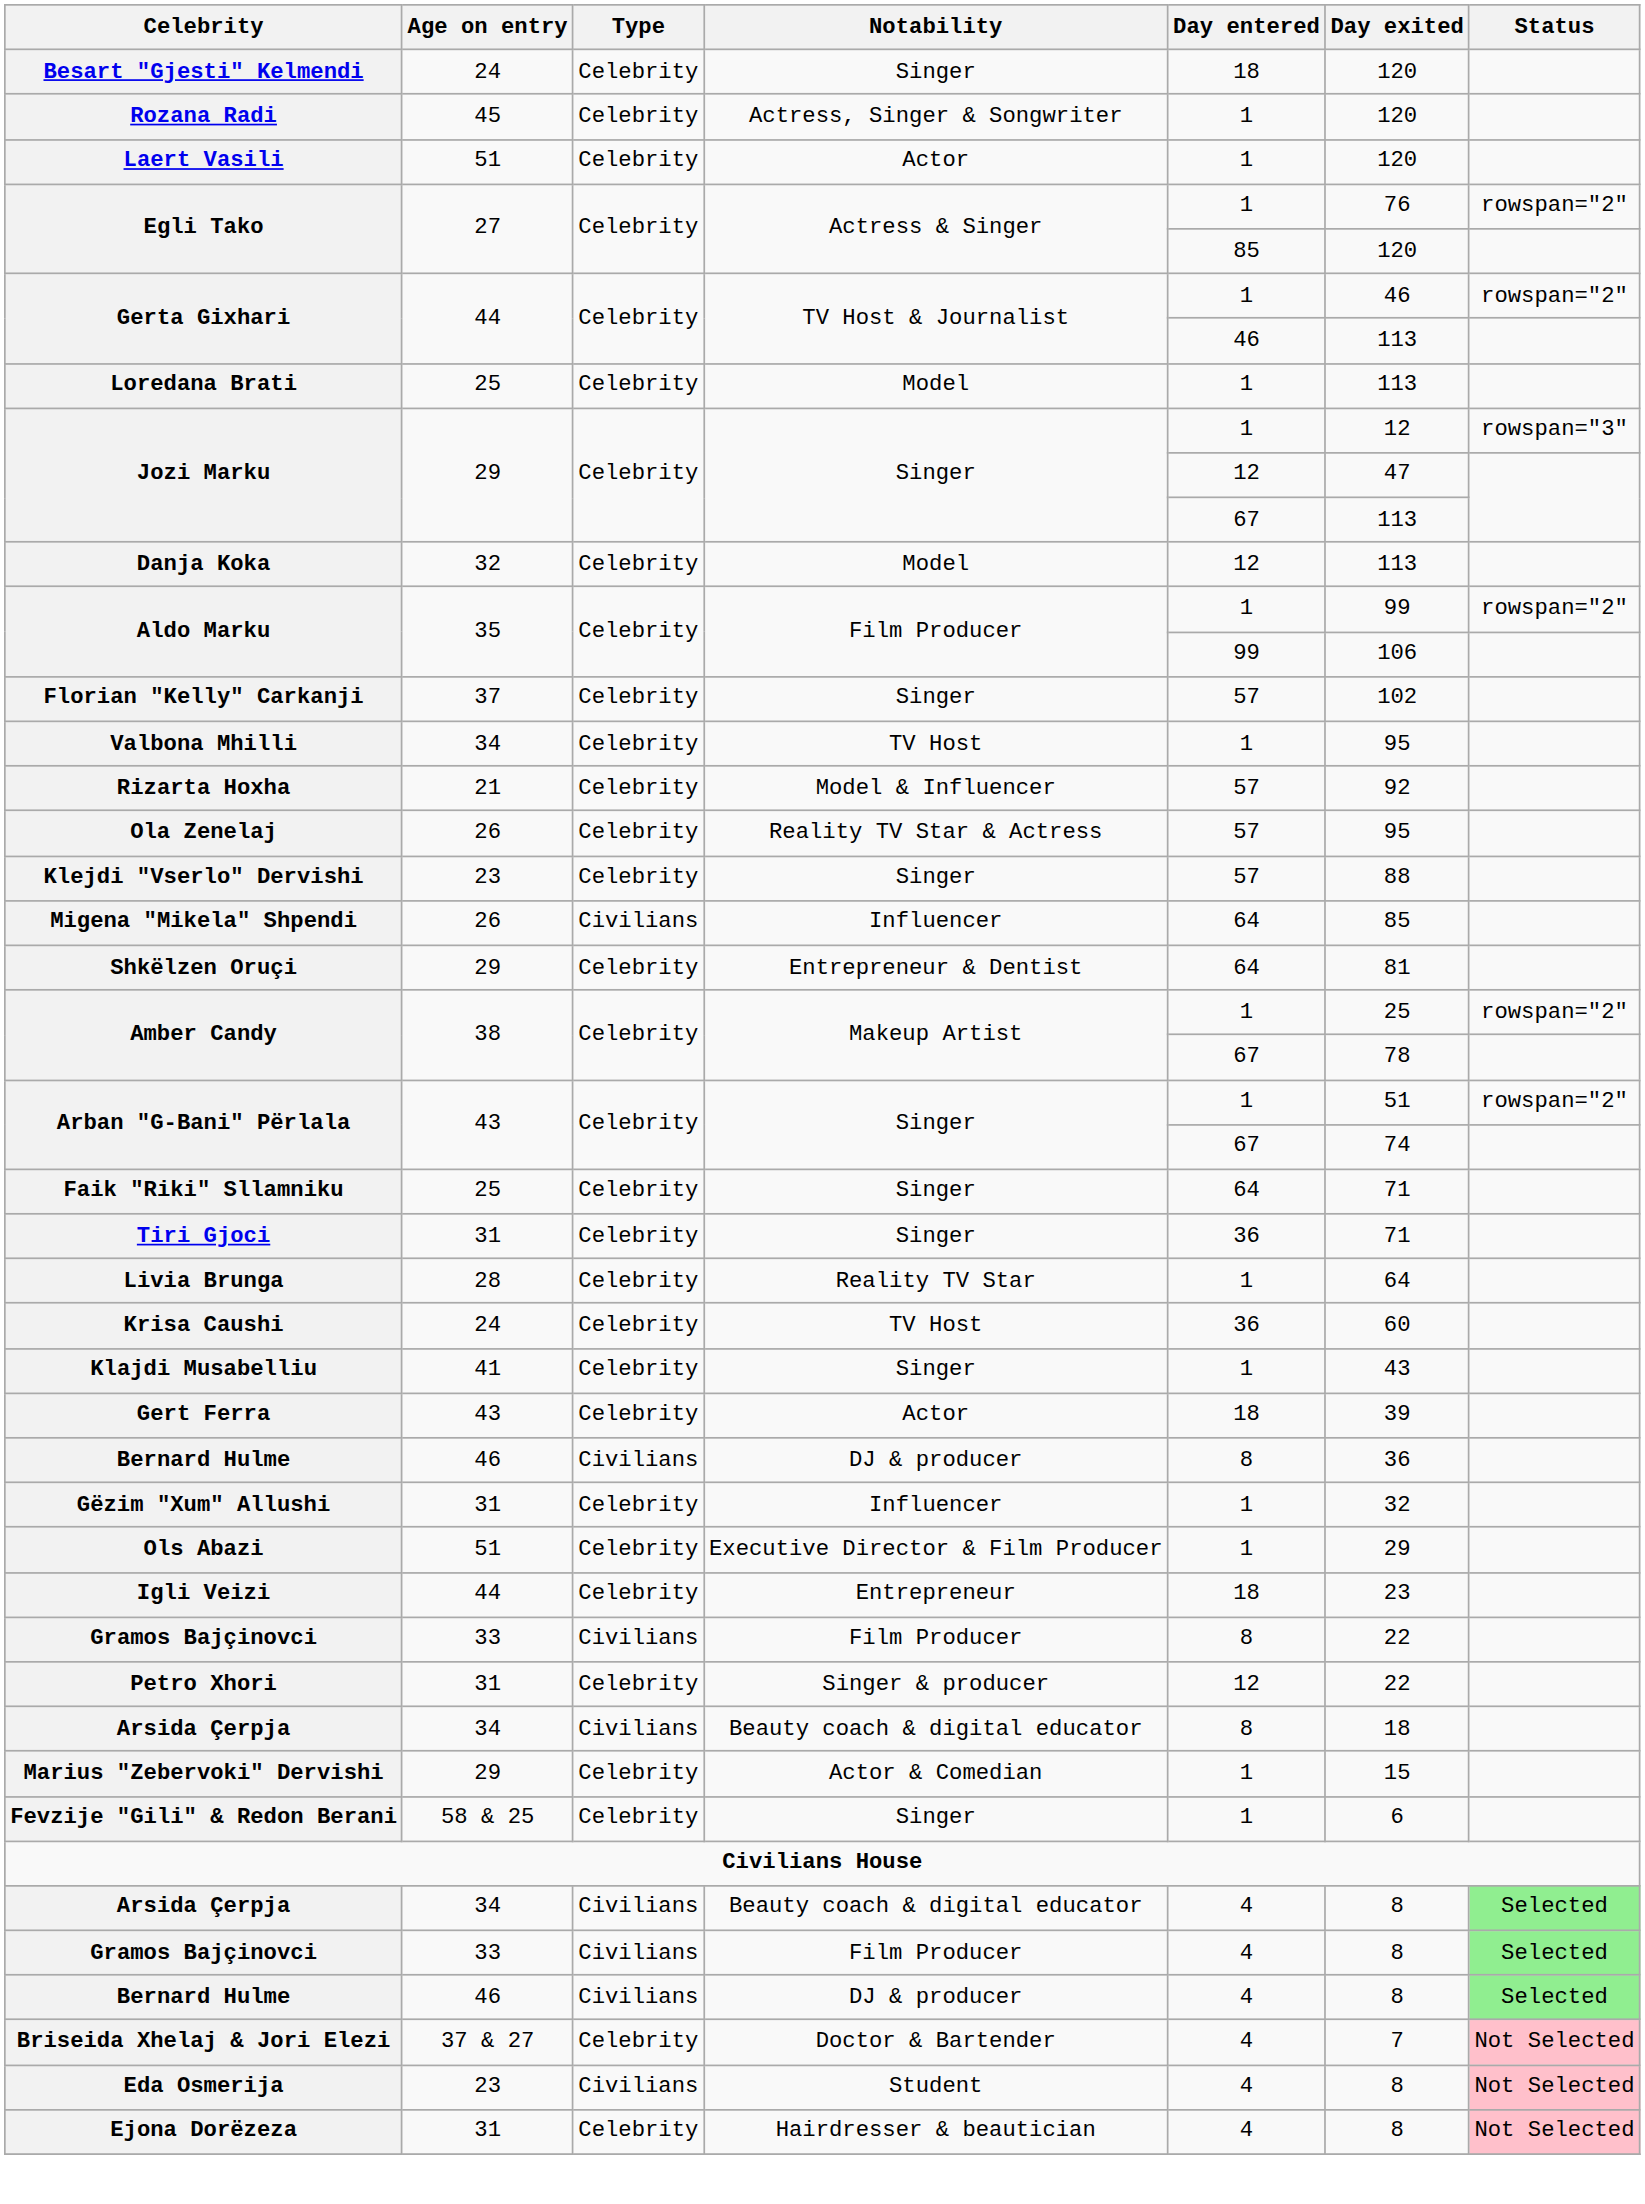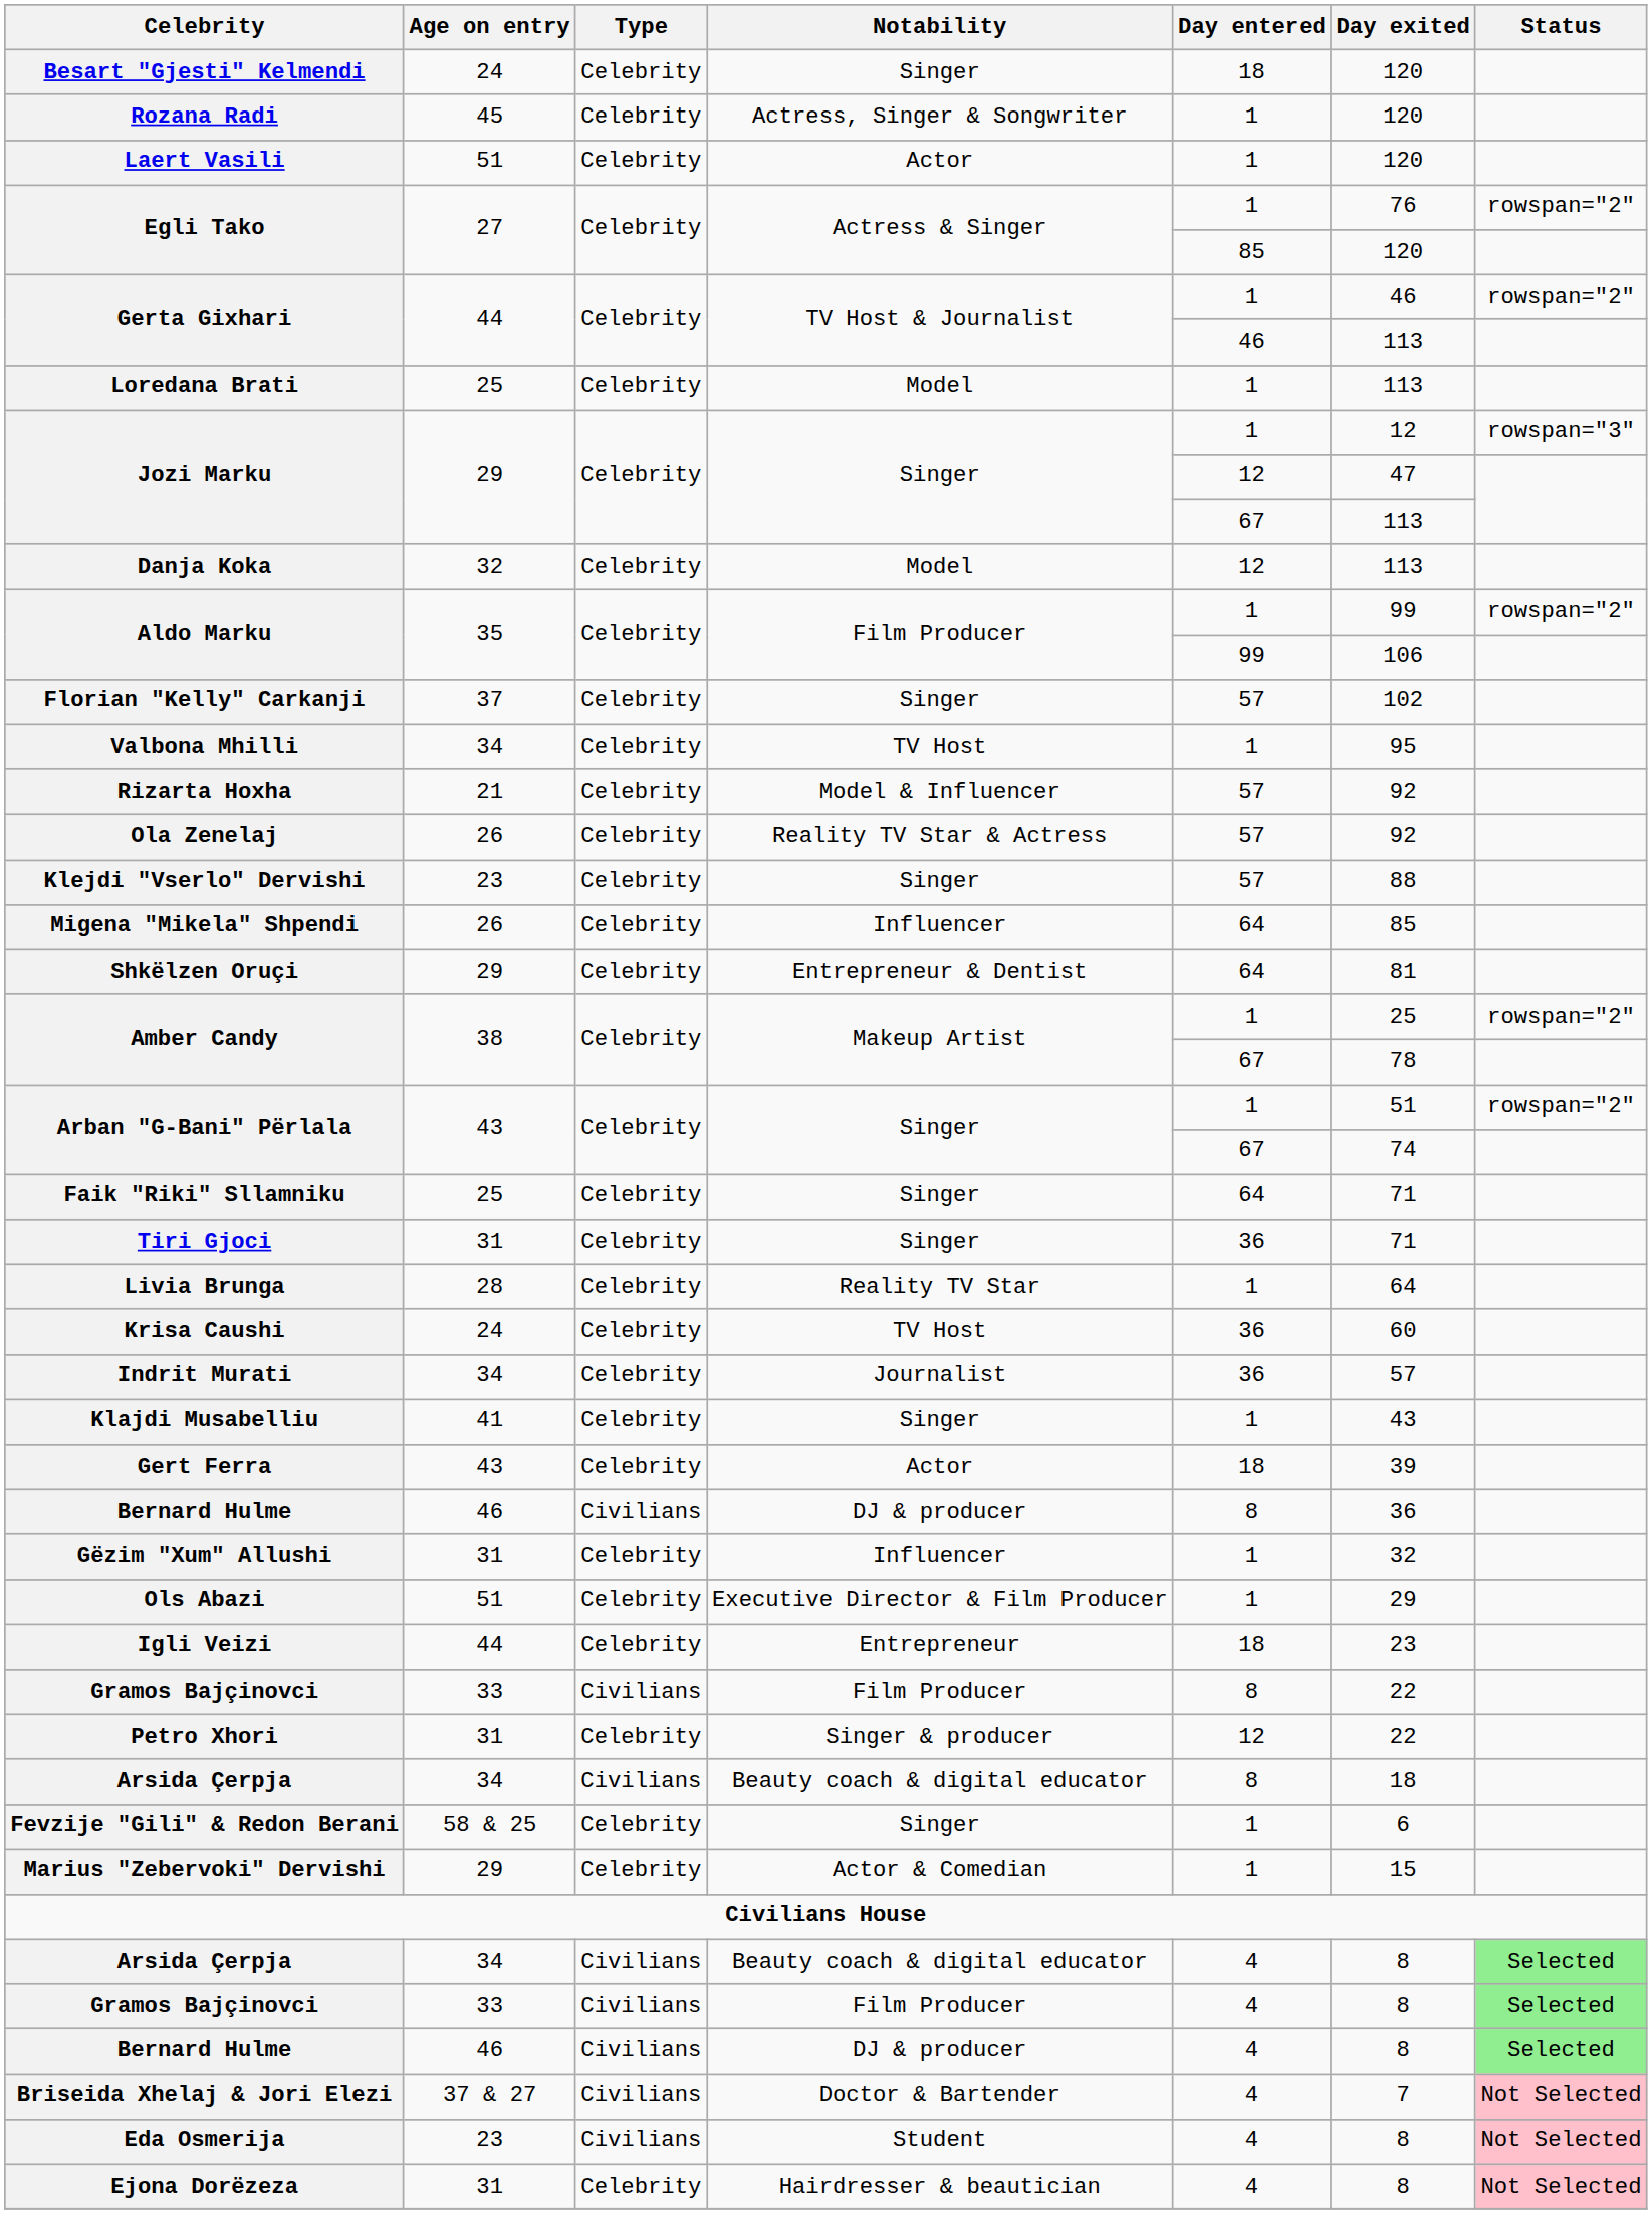 <table class="wikitable sortable" style="text-align:center; line-height:20px; width:auto;">
 <tr>
 <th scope="col">Celebrity</th>
 <th scope="col">Age on entry</th>
 <th scope="col">Type</th>
 <th scope="col">Notability</th>
 <th scope="col">Day entered</th>
 <th scope="col">Day exited</th>
 <th scope="col">Status</th>
 </tr>
 <tr>
 <th scope="row"><a href='#'>Besart "Gjesti" Kelmendi</a></th>
 <td>24</td>
 <td>Celebrity</td>
 <td>Singer</td>
 <td>18</td>
 <td>120</td>
 <td></td>
 </tr>
 <tr>
 <th scope="row"><a href='#'>Rozana Radi</a></th>
 <td>45</td>
 <td>Celebrity</td>
 <td>Actress, Singer & Songwriter</td>
 <td>1</td>
 <td>120</td>
 <td></td>
 </tr>
 <tr>
 <th scope="row"><a href='#'>Laert Vasili</a></th>
 <td>51</td>
 <td>Celebrity</td>
 <td>Actor</td>
 <td>1</td>
 <td>120</td>
 <td></td>
 </tr>
 <tr>
 <th rowspan="2" scope="row">Egli Tako</th>
 <td rowspan="2">27</td>
 <td rowspan="2">Celebrity</td>
 <td rowspan="2">Actress & Singer</td>
 <td>1</td>
 <td>76</td>
 <td>rowspan="2" </td>
 </tr>
 <tr>
 <td>85</td>
 <td>120</td>
 </tr>
 <tr>
 <th rowspan="2" scope=“row”>Gerta Gixhari</th>
 <td rowspan="2">44</td>
 <td rowspan="2">Celebrity</td>
 <td rowspan="2">TV Host & Journalist</td>
 <td>1</td>
 <td>46</td>
 <td>rowspan="2" </td>
 </tr>
 <tr>
 <td>46</td>
 <td>113</td>
 </tr>
 <tr>
 <th scope="row">Loredana Brati</th>
 <td>25</td>
 <td>Celebrity</td>
 <td>Model</td>
 <td>1</td>
 <td>113</td>
 <td></td>
 </tr>
 <tr>
 <th rowspan="3" scope="row">Jozi Marku</th>
 <td rowspan="3">29</td>
 <td rowspan="3">Celebrity</td>
 <td rowspan="3">Singer</td>
 <td>1</td>
 <td>12</td>
 <td>rowspan="3" </td>
 </tr>
 <tr>
 <td>12</td>
 <td>47</td>
 </tr>
 <tr>
 <td>67</td>
 <td>113</td>
 </tr>
 <tr>
 <th scope="row">Danja Koka</th>
 <td>32</td>
 <td>Celebrity</td>
 <td>Model</td>
 <td>12</td>
 <td>113</td>
 <td></td>
 </tr>
 <tr>
 <th rowspan="2" scope="row">Aldo Marku</th>
 <td rowspan="2">35</td>
 <td rowspan="2">Celebrity</td>
 <td rowspan="2">Film Producer</td>
 <td>1</td>
 <td>99</td>
 <td>rowspan="2" </td>
 </tr>
 <tr>
 <td>99</td>
 <td>106</td>
 </tr>
 <tr>
 <th scope="row">Florian "Kelly" Carkanji</th>
 <td>37</td>
 <td>Celebrity</td>
 <td>Singer</td>
 <td>57</td>
 <td>102</td>
 <td></td>
 </tr>
 <tr>
 <th scope="row">Valbona Mhilli</th>
 <td>34</td>
 <td>Celebrity</td>
 <td>TV Host</td>
 <td>1</td>
 <td>95</td>
 <td></td>
 </tr>
 <tr>
 <th scope="row">Rizarta Hoxha</th>
 <td>21</td>
 <td>Celebrity</td>
 <td>Model & Influencer</td>
 <td>57</td>
 <td>92</td>
 <td></td>
 </tr>
 <tr>
 <th scope="row">Ola Zenelaj</th>
 <td>26</td>
 <td>Celebrity</td>
 <td>Reality TV Star & Actress</td>
 <td>57</td>
-<td>95</td>
+<td>92</td>
 <td></td>
 </tr>
 <tr>
 <th scope="row">Klejdi "Vserlo" Dervishi</th>
 <td>23</td>
 <td>Celebrity</td>
 <td>Singer</td>
 <td>57</td>
 <td>88</td>
 <td></td>
 </tr>
 <tr>
 <th scope="row">Migena "Mikela" Shpendi</th>
 <td>26</td>
-<td>Civilians</td>
+<td>Celebrity</td>
 <td>Influencer</td>
 <td>64</td>
 <td>85</td>
 <td></td>
 </tr>
 <tr>
 <th scope="row">Shkëlzen Oruçi</th>
 <td>29</td>
 <td>Celebrity</td>
 <td>Entrepreneur & Dentist</td>
 <td>64</td>
 <td>81</td>
 <td></td>
 </tr>
 <tr>
 <th rowspan="2" scope="row">Amber Candy</th>
 <td rowspan="2">38</td>
 <td rowspan="2">Celebrity</td>
 <td rowspan="2">Makeup Artist</td>
 <td>1</td>
 <td>25</td>
 <td>rowspan="2" </td>
 </tr>
 <tr>
 <td>67</td>
 <td>78</td>
 </tr>
 <tr>
 <th rowspan="2" scope="row">Arban "G-Bani" Përlala</th>
 <td rowspan="2">43</td>
 <td rowspan="2">Celebrity</td>
 <td rowspan="2">Singer</td>
 <td>1</td>
 <td>51</td>
 <td>rowspan="2" </td>
 </tr>
 <tr>
 <td>67</td>
 <td>74</td>
 </tr>
 <tr>
 <th scope="row">Faik "Riki" Sllamniku</th>
 <td>25</td>
 <td>Celebrity</td>
 <td>Singer</td>
 <td>64</td>
 <td>71</td>
 <td></td>
 </tr>
 <tr>
 <th scope="row"><a href='#'>Tiri Gjoci</a></th>
 <td>31</td>
 <td>Celebrity</td>
 <td>Singer</td>
 <td>36</td>
 <td>71</td>
 <td></td>
 </tr>
 <tr>
 <th scope="row">Livia Brunga</th>
 <td>28</td>
 <td>Celebrity</td>
 <td>Reality TV Star</td>
 <td>1</td>
 <td>64</td>
 <td></td>
 </tr>
 <tr>
 <th scope="row">Krisa Caushi</th>
 <td>24</td>
 <td>Celebrity</td>
 <td>TV Host</td>
 <td>36</td>
 <td>60</td>
+<td></td>
+</tr>
+<tr>
+<th scope="row">Indrit Murati</th>
+<td>34</td>
+<td>Celebrity</td>
+<td>Journalist</td>
+<td>36</td>
+<td>57</td>
 <td></td>
 </tr>
 <tr>
 <th scope="row">Klajdi Musabelliu</th>
 <td>41</td>
 <td>Celebrity</td>
 <td>Singer</td>
 <td>1</td>
 <td>43</td>
 <td></td>
 </tr>
 <tr>
 <th scope="row">Gert Ferra</th>
 <td>43</td>
 <td>Celebrity</td>
 <td>Actor</td>
 <td>18</td>
 <td>39</td>
 <td></td>
 </tr>
 <tr>
 <th scope="row">Bernard Hulme</th>
 <td>46</td>
 <td>Civilians</td>
 <td>DJ & producer</td>
 <td>8</td>
 <td>36</td>
 <td></td>
 </tr>
 <tr>
 <th scope="row">Gëzim "Xum" Allushi</th>
 <td>31</td>
 <td>Celebrity</td>
 <td>Influencer</td>
 <td>1</td>
 <td>32</td>
 <td></td>
 </tr>
 <tr>
 <th scope="row">Ols Abazi</th>
 <td>51</td>
 <td>Celebrity</td>
 <td>Executive Director & Film Producer</td>
 <td>1</td>
 <td>29</td>
 <td></td>
 </tr>
 <tr>
 <th scope="row">Igli Veizi</th>
 <td>44</td>
 <td>Celebrity</td>
 <td>Entrepreneur</td>
 <td>18</td>
 <td>23</td>
 <td></td>
 </tr>
 <tr>
 <th scope="row">Gramos Bajçinovci</th>
 <td>33</td>
 <td>Civilians</td>
 <td>Film Producer</td>
 <td>8</td>
 <td>22</td>
 <td></td>
 </tr>
 <tr>
 <th scope="row">Petro Xhori</th>
 <td>31</td>
 <td>Celebrity</td>
 <td>Singer & producer</td>
 <td>12</td>
 <td>22</td>
 <td></td>
 </tr>
 <tr>
 <th scope="row">Arsida Çerpja</th>
 <td>34</td>
 <td>Civilians</td>
 <td>Beauty coach & digital educator</td>
 <td>8</td>
 <td>18</td>
 <td></td>
 </tr>
 <tr>
+<th scope="row">Fevzije "Gili" & Redon Berani</th>
+<td>58 & 25</td>
+<td>Celebrity</td>
+<td>Singer</td>
+<td>1</td>
+<td>6</td>
+<td></td>
+</tr>
+<tr>
 <th scope="row">Marius "Zebervoki" Dervishi</th>
 <td>29</td>
 <td>Celebrity</td>
 <td>Actor & Comedian</td>
 <td>1</td>
 <td>15</td>
-<td></td>
-</tr>
-<tr>
-<th scope="row">Fevzije "Gili" & Redon Berani</th>
-<td>58 & 25</td>
-<td>Celebrity</td>
-<td>Singer</td>
-<td>1</td>
-<td>6</td>
 <td></td>
 </tr>
 <tr>
 <td colspan="7" align=center><strong>Civilians House</strong></td>
 </tr>
 <tr>
 <th scope="row">Arsida Çerpja</th>
 <td>34</td>
 <td>Civilians</td>
 <td>Beauty coach & digital educator</td>
 <td>4</td>
 <td>8</td>
 <td bgcolor=90EE90>Selected</td>
 </tr>
 <tr>
 <th scope="row">Gramos Bajçinovci</th>
 <td>33</td>
 <td>Civilians</td>
 <td>Film Producer</td>
 <td>4</td>
 <td>8</td>
 <td bgcolor=90EE90>Selected</td>
 </tr>
 <tr>
 <th scope="row">Bernard Hulme</th>
 <td>46</td>
 <td>Civilians</td>
 <td>DJ & producer</td>
 <td>4</td>
 <td>8</td>
 <td bgcolor=90EE90>Selected</td>
 </tr>
 <tr>
 <th scope="row">Briseida Xhelaj & Jori Elezi</th>
 <td>37 & 27</td>
-<td>Celebrity</td>
+<td>Civilians</td>
 <td>Doctor & Bartender</td>
 <td>4</td>
 <td>7</td>
 <td bgcolor=FFC0CB>Not Selected</td>
 </tr>
 <tr>
 <th scope="row">Eda Osmerija</th>
 <td>23</td>
 <td>Civilians</td>
 <td>Student</td>
 <td>4</td>
 <td>8</td>
 <td bgcolor=FFC0CB>Not Selected</td>
 </tr>
 <tr>
 <th scope="row">Ejona Dorëzeza</th>
 <td>31</td>
 <td>Celebrity</td>
 <td>Hairdresser & beautician</td>
 <td>4</td>
 <td>8</td>
 <td bgcolor=FFC0CB>Not Selected</td>
 </tr>
 <tr>
 </tr>
 </table>
